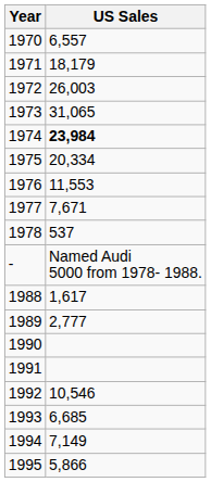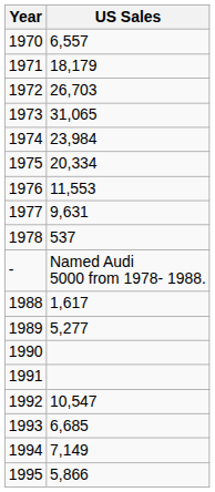 <table class="wikitable">
 <tr>
 <th>Year</th>
 <th>US Sales</th>
 </tr>
 <tr>
 <td>1970</td>
 <td>6,557</td>
 </tr>
 <tr>
 <td>1971</td>
 <td>18,179</td>
 </tr>
 <tr>
 <td>1972</td>
-<td>26,003</td>
+<td>26,703</td>
 </tr>
 <tr>
 <td>1973</td>
 <td>31,065</td>
 </tr>
 <tr>
 <td>1974</td>
-<td><strong>23,984</strong></td>
+<td>23,984</td>
 </tr>
 <tr>
 <td>1975</td>
 <td>20,334</td>
 </tr>
 <tr>
 <td>1976</td>
 <td>11,553</td>
 </tr>
 <tr>
 <td>1977</td>
-<td>7,671</td>
+<td>9,631</td>
 </tr>
 <tr>
 <td>1978</td>
 <td>537</td>
 </tr>
 <tr>
 <td>-</td>
 <td>Named Audi<br>5000 from 1978- 1988.</td>
 </tr>
 <tr>
 <td>1988</td>
 <td>1,617</td>
 </tr>
 <tr>
 <td>1989</td>
-<td>2,777</td>
+<td>5,277</td>
 </tr>
 <tr>
 <td>1990</td>
 <td></td>
 </tr>
 <tr>
 <td>1991</td>
 <td></td>
 </tr>
 <tr>
 <td>1992</td>
-<td>10,546</td>
+<td>10,547</td>
 </tr>
 <tr>
 <td>1993</td>
 <td>6,685</td>
 </tr>
 <tr>
 <td>1994</td>
 <td>7,149</td>
 </tr>
 <tr>
 <td>1995</td>
 <td>5,866</td>
 </tr>
 </table>
